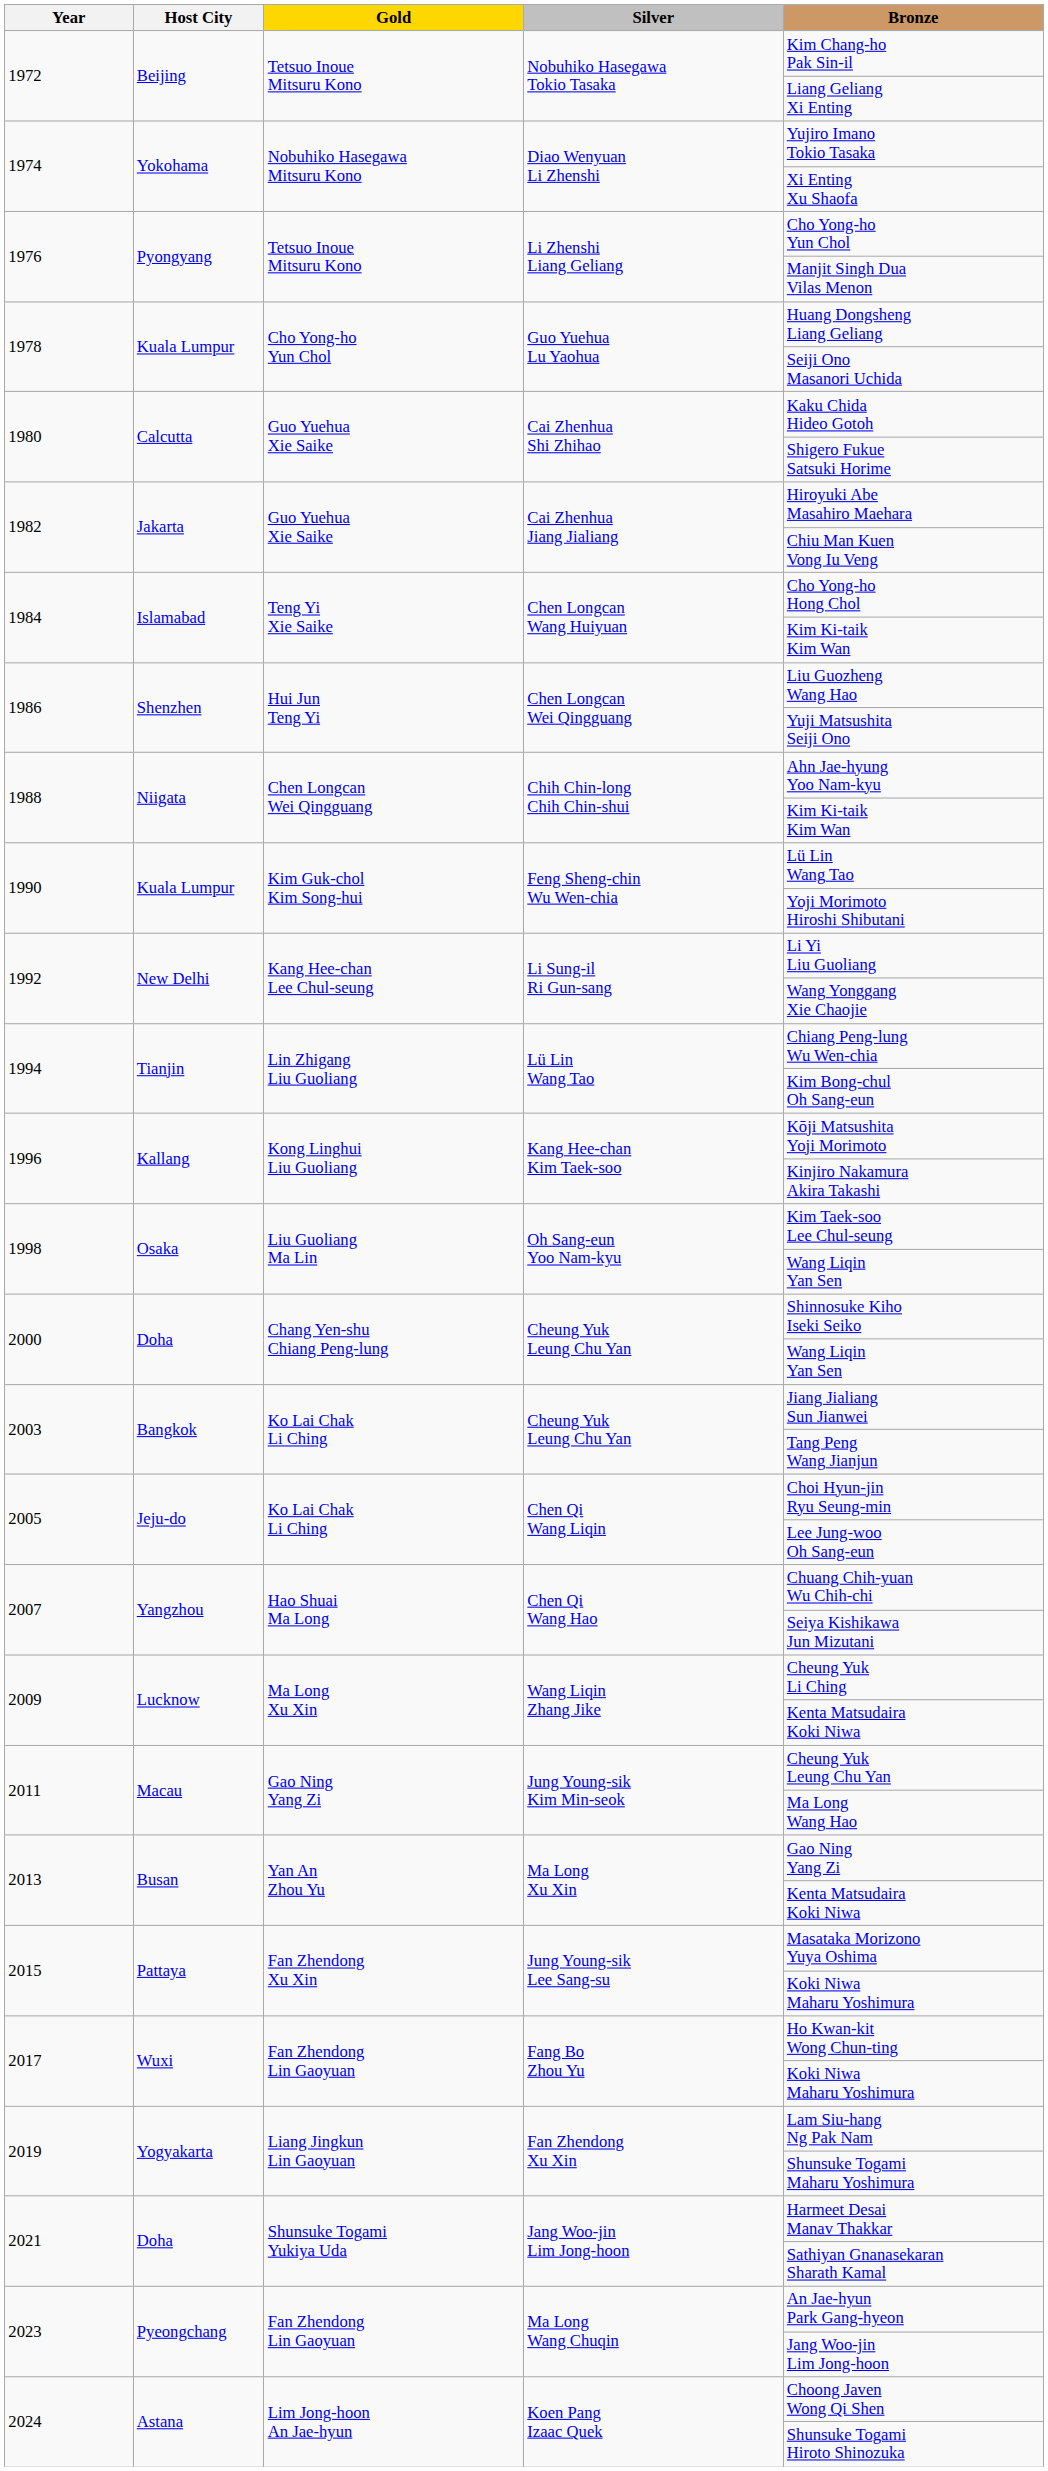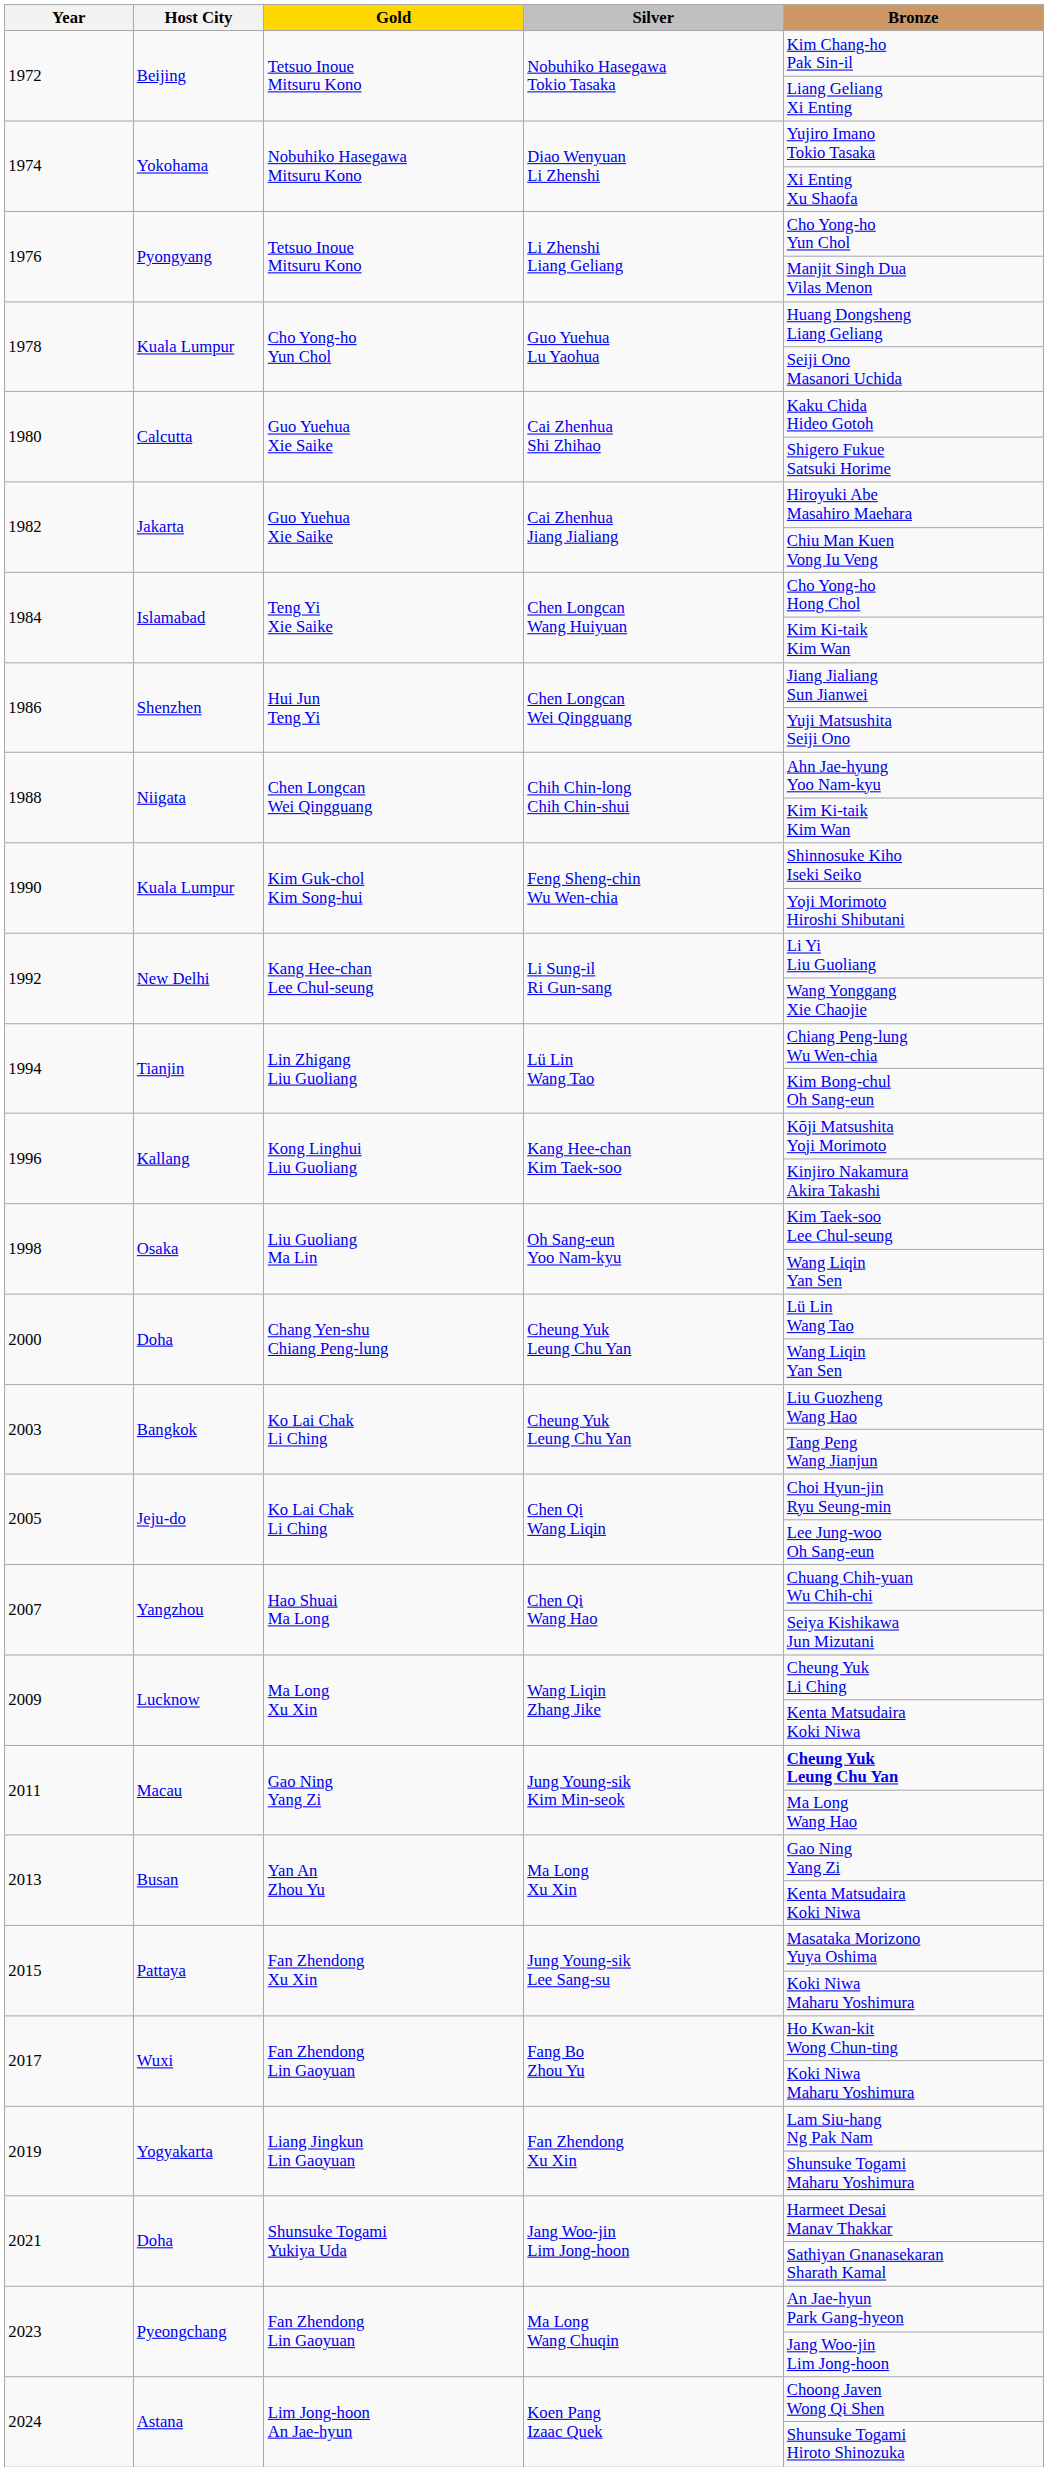 <table class="wikitable" style="text-align:left; width:1000px;">
 <tr>
 <th width="120">Year</th>
 <th width="120">Host City</th>
 <th width="250" style="background-color: gold">Gold</th>
 <th width="250" style="background-color: silver">Silver</th>
 <th width="250" style="background-color: #cc9966">Bronze</th>
 </tr>
 <tr>
 <td rowspan=2>1972</td>
 <td rowspan=2><a href='#'>Beijing</a></td>
 <td rowspan=2> <a href='#'>Tetsuo Inoue</a><br> <a href='#'>Mitsuru Kono</a></td>
 <td rowspan=2> <a href='#'>Nobuhiko Hasegawa</a><br> <a href='#'>Tokio Tasaka</a></td>
 <td> <a href='#'>Kim Chang-ho</a><br> <a href='#'>Pak Sin-il</a></td>
 </tr>
 <tr>
 <td> <a href='#'>Liang Geliang</a><br> <a href='#'>Xi Enting</a></td>
 </tr>
 <tr>
 <td rowspan=2>1974</td>
 <td rowspan=2><a href='#'>Yokohama</a></td>
 <td rowspan=2> <a href='#'>Nobuhiko Hasegawa</a><br> <a href='#'>Mitsuru Kono</a></td>
 <td rowspan=2> <a href='#'>Diao Wenyuan</a><br> <a href='#'>Li Zhenshi</a></td>
 <td> <a href='#'>Yujiro Imano</a><br> <a href='#'>Tokio Tasaka</a></td>
 </tr>
 <tr>
 <td> <a href='#'>Xi Enting</a><br> <a href='#'>Xu Shaofa</a></td>
 </tr>
 <tr>
 <td rowspan=2>1976</td>
 <td rowspan=2><a href='#'>Pyongyang</a></td>
 <td rowspan=2> <a href='#'>Tetsuo Inoue</a><br> <a href='#'>Mitsuru Kono</a></td>
 <td rowspan=2> <a href='#'>Li Zhenshi</a><br> <a href='#'>Liang Geliang</a></td>
 <td> <a href='#'>Cho Yong-ho</a><br> <a href='#'>Yun Chol</a></td>
 </tr>
 <tr>
 <td> <a href='#'>Manjit Singh Dua</a><br> <a href='#'>Vilas Menon</a></td>
 </tr>
 <tr>
 <td rowspan=2>1978</td>
 <td rowspan=2><a href='#'>Kuala Lumpur</a></td>
 <td rowspan=2> <a href='#'>Cho Yong-ho</a><br> <a href='#'>Yun Chol</a></td>
 <td rowspan=2> <a href='#'>Guo Yuehua</a><br> <a href='#'>Lu Yaohua</a></td>
 <td> <a href='#'>Huang Dongsheng</a><br> <a href='#'>Liang Geliang</a></td>
 </tr>
 <tr>
 <td> <a href='#'>Seiji Ono</a><br> <a href='#'>Masanori Uchida</a></td>
 </tr>
 <tr>
 <td rowspan=2>1980</td>
 <td rowspan=2><a href='#'>Calcutta</a></td>
 <td rowspan=2> <a href='#'>Guo Yuehua</a><br> <a href='#'>Xie Saike</a></td>
 <td rowspan=2> <a href='#'>Cai Zhenhua</a><br> <a href='#'>Shi Zhihao</a></td>
 <td> <a href='#'>Kaku Chida</a><br> <a href='#'>Hideo Gotoh</a></td>
 </tr>
 <tr>
 <td> <a href='#'>Shigero Fukue</a><br> <a href='#'>Satsuki Horime</a></td>
 </tr>
 <tr>
 <td rowspan=2>1982</td>
 <td rowspan=2><a href='#'>Jakarta</a></td>
 <td rowspan=2> <a href='#'>Guo Yuehua</a><br> <a href='#'>Xie Saike</a></td>
 <td rowspan=2> <a href='#'>Cai Zhenhua</a><br> <a href='#'>Jiang Jialiang</a></td>
 <td> <a href='#'>Hiroyuki Abe</a><br> <a href='#'>Masahiro Maehara</a></td>
 </tr>
 <tr>
 <td> <a href='#'>Chiu Man Kuen</a><br> <a href='#'>Vong Iu Veng</a></td>
 </tr>
 <tr>
 <td rowspan=2>1984</td>
 <td rowspan=2><a href='#'>Islamabad</a></td>
 <td rowspan=2> <a href='#'>Teng Yi</a><br> <a href='#'>Xie Saike</a></td>
 <td rowspan=2> <a href='#'>Chen Longcan</a><br> <a href='#'>Wang Huiyuan</a></td>
 <td> <a href='#'>Cho Yong-ho</a><br> <a href='#'>Hong Chol</a></td>
 </tr>
 <tr>
 <td> <a href='#'>Kim Ki-taik</a><br> <a href='#'>Kim Wan</a></td>
 </tr>
 <tr>
 <td rowspan=2>1986</td>
 <td rowspan=2><a href='#'>Shenzhen</a></td>
 <td rowspan=2> <a href='#'>Hui Jun</a><br> <a href='#'>Teng Yi</a></td>
 <td rowspan=2> <a href='#'>Chen Longcan</a><br> <a href='#'>Wei Qingguang</a></td>
-<td> <a href='#'>Liu Guozheng</a><br> <a href='#'>Wang Hao</a></td>
+<td> <a href='#'>Jiang Jialiang</a><br> <a href='#'>Sun Jianwei</a></td>
 </tr>
 <tr>
 <td> <a href='#'>Yuji Matsushita</a><br> <a href='#'>Seiji Ono</a></td>
 </tr>
 <tr>
 <td rowspan=2>1988</td>
 <td rowspan=2><a href='#'>Niigata</a></td>
 <td rowspan=2> <a href='#'>Chen Longcan</a><br> <a href='#'>Wei Qingguang</a></td>
 <td rowspan=2> <a href='#'>Chih Chin-long</a><br> <a href='#'>Chih Chin-shui</a></td>
 <td> <a href='#'>Ahn Jae-hyung</a><br> <a href='#'>Yoo Nam-kyu</a></td>
 </tr>
 <tr>
 <td> <a href='#'>Kim Ki-taik</a><br> <a href='#'>Kim Wan</a></td>
 </tr>
 <tr>
 <td rowspan=2>1990</td>
 <td rowspan=2><a href='#'>Kuala Lumpur</a></td>
 <td rowspan=2> <a href='#'>Kim Guk-chol</a><br> <a href='#'>Kim Song-hui</a></td>
 <td rowspan=2> <a href='#'>Feng Sheng-chin</a><br> <a href='#'>Wu Wen-chia</a></td>
-<td> <a href='#'>Lü Lin</a><br> <a href='#'>Wang Tao</a></td>
+<td> <a href='#'>Shinnosuke Kiho</a><br> <a href='#'>Iseki Seiko</a></td>
 </tr>
 <tr>
 <td> <a href='#'>Yoji Morimoto</a><br> <a href='#'>Hiroshi Shibutani</a></td>
 </tr>
 <tr>
 <td rowspan=2>1992</td>
 <td rowspan=2><a href='#'>New Delhi</a></td>
 <td rowspan=2> <a href='#'>Kang Hee-chan</a><br> <a href='#'>Lee Chul-seung</a></td>
 <td rowspan=2> <a href='#'>Li Sung-il</a><br> <a href='#'>Ri Gun-sang</a></td>
 <td> <a href='#'>Li Yi</a><br> <a href='#'>Liu Guoliang</a></td>
 </tr>
 <tr>
 <td> <a href='#'>Wang Yonggang</a><br> <a href='#'>Xie Chaojie</a></td>
 </tr>
 <tr>
 <td rowspan=2>1994</td>
 <td rowspan=2><a href='#'>Tianjin</a></td>
 <td rowspan=2> <a href='#'>Lin Zhigang</a><br> <a href='#'>Liu Guoliang</a></td>
 <td rowspan=2> <a href='#'>Lü Lin</a><br> <a href='#'>Wang Tao</a></td>
 <td> <a href='#'>Chiang Peng-lung</a><br> <a href='#'>Wu Wen-chia</a></td>
 </tr>
 <tr>
 <td> <a href='#'>Kim Bong-chul</a><br> <a href='#'>Oh Sang-eun</a></td>
 </tr>
 <tr>
 <td rowspan=2>1996</td>
 <td rowspan=2><a href='#'>Kallang</a></td>
 <td rowspan=2> <a href='#'>Kong Linghui</a><br> <a href='#'>Liu Guoliang</a></td>
 <td rowspan=2> <a href='#'>Kang Hee-chan</a><br> <a href='#'>Kim Taek-soo</a></td>
 <td> <a href='#'>Kōji Matsushita</a><br> <a href='#'>Yoji Morimoto</a></td>
 </tr>
 <tr>
 <td> <a href='#'>Kinjiro Nakamura</a><br> <a href='#'>Akira Takashi</a></td>
 </tr>
 <tr>
 <td rowspan=2>1998</td>
 <td rowspan=2><a href='#'>Osaka</a></td>
 <td rowspan=2> <a href='#'>Liu Guoliang</a><br> <a href='#'>Ma Lin</a></td>
 <td rowspan=2> <a href='#'>Oh Sang-eun</a><br> <a href='#'>Yoo Nam-kyu</a></td>
 <td> <a href='#'>Kim Taek-soo</a><br> <a href='#'>Lee Chul-seung</a></td>
 </tr>
 <tr>
 <td> <a href='#'>Wang Liqin</a><br> <a href='#'>Yan Sen</a></td>
 </tr>
 <tr>
 <td rowspan=2>2000</td>
 <td rowspan=2><a href='#'>Doha</a></td>
 <td rowspan=2> <a href='#'>Chang Yen-shu</a><br> <a href='#'>Chiang Peng-lung</a></td>
 <td rowspan=2> <a href='#'>Cheung Yuk</a><br> <a href='#'>Leung Chu Yan</a></td>
-<td> <a href='#'>Shinnosuke Kiho</a><br> <a href='#'>Iseki Seiko</a></td>
+<td> <a href='#'>Lü Lin</a><br> <a href='#'>Wang Tao</a></td>
 </tr>
 <tr>
 <td> <a href='#'>Wang Liqin</a><br> <a href='#'>Yan Sen</a></td>
 </tr>
 <tr>
 <td rowspan=2>2003</td>
 <td rowspan=2><a href='#'>Bangkok</a></td>
 <td rowspan=2> <a href='#'>Ko Lai Chak</a><br> <a href='#'>Li Ching</a></td>
 <td rowspan=2> <a href='#'>Cheung Yuk</a><br> <a href='#'>Leung Chu Yan</a></td>
-<td> <a href='#'>Jiang Jialiang</a><br> <a href='#'>Sun Jianwei</a></td>
+<td> <a href='#'>Liu Guozheng</a><br> <a href='#'>Wang Hao</a></td>
 </tr>
 <tr>
 <td> <a href='#'>Tang Peng</a><br> <a href='#'>Wang Jianjun</a></td>
 </tr>
 <tr>
 <td rowspan=2>2005</td>
 <td rowspan=2><a href='#'>Jeju-do</a></td>
 <td rowspan=2> <a href='#'>Ko Lai Chak</a><br> <a href='#'>Li Ching</a></td>
 <td rowspan=2> <a href='#'>Chen Qi</a><br> <a href='#'>Wang Liqin</a></td>
 <td> <a href='#'>Choi Hyun-jin</a><br> <a href='#'>Ryu Seung-min</a></td>
 </tr>
 <tr>
 <td> <a href='#'>Lee Jung-woo</a><br> <a href='#'>Oh Sang-eun</a></td>
 </tr>
 <tr>
 <td rowspan=2>2007</td>
 <td rowspan=2><a href='#'>Yangzhou</a></td>
 <td rowspan=2> <a href='#'>Hao Shuai</a><br> <a href='#'>Ma Long</a></td>
 <td rowspan=2> <a href='#'>Chen Qi</a><br> <a href='#'>Wang Hao</a></td>
 <td> <a href='#'>Chuang Chih-yuan</a><br> <a href='#'>Wu Chih-chi</a></td>
 </tr>
 <tr>
 <td> <a href='#'>Seiya Kishikawa</a><br> <a href='#'>Jun Mizutani</a></td>
 </tr>
 <tr>
 <td rowspan=2>2009</td>
 <td rowspan=2><a href='#'>Lucknow</a></td>
 <td rowspan=2> <a href='#'>Ma Long</a><br> <a href='#'>Xu Xin</a></td>
 <td rowspan=2> <a href='#'>Wang Liqin</a><br> <a href='#'>Zhang Jike</a></td>
 <td> <a href='#'>Cheung Yuk</a><br> <a href='#'>Li Ching</a></td>
 </tr>
 <tr>
 <td> <a href='#'>Kenta Matsudaira</a><br> <a href='#'>Koki Niwa</a></td>
 </tr>
 <tr>
 <td rowspan=2>2011</td>
 <td rowspan=2><a href='#'>Macau</a></td>
 <td rowspan=2> <a href='#'>Gao Ning</a><br> <a href='#'>Yang Zi</a></td>
 <td rowspan=2> <a href='#'>Jung Young-sik</a><br> <a href='#'>Kim Min-seok</a></td>
-<td> <a href='#'>Cheung Yuk</a><br> <a href='#'>Leung Chu Yan</a></td>
+<td><strong> <a href='#'>Cheung Yuk</a><br> <a href='#'>Leung Chu Yan</a></strong></td>
 </tr>
 <tr>
 <td> <a href='#'>Ma Long</a><br> <a href='#'>Wang Hao</a></td>
 </tr>
 <tr>
 <td rowspan=2>2013</td>
 <td rowspan=2><a href='#'>Busan</a></td>
 <td rowspan=2> <a href='#'>Yan An</a><br> <a href='#'>Zhou Yu</a></td>
 <td rowspan=2> <a href='#'>Ma Long</a><br> <a href='#'>Xu Xin</a></td>
 <td> <a href='#'>Gao Ning</a><br> <a href='#'>Yang Zi</a></td>
 </tr>
 <tr>
 <td> <a href='#'>Kenta Matsudaira</a><br> <a href='#'>Koki Niwa</a></td>
 </tr>
 <tr>
 <td rowspan=2>2015</td>
 <td rowspan=2><a href='#'>Pattaya</a></td>
 <td rowspan=2> <a href='#'>Fan Zhendong</a><br> <a href='#'>Xu Xin</a></td>
 <td rowspan=2> <a href='#'>Jung Young-sik</a><br> <a href='#'>Lee Sang-su</a></td>
 <td> <a href='#'>Masataka Morizono</a><br> <a href='#'>Yuya Oshima</a></td>
 </tr>
 <tr>
 <td> <a href='#'>Koki Niwa</a><br> <a href='#'>Maharu Yoshimura</a></td>
 </tr>
 <tr>
 <td rowspan=2>2017</td>
 <td rowspan=2><a href='#'>Wuxi</a></td>
 <td rowspan=2> <a href='#'>Fan Zhendong</a><br> <a href='#'>Lin Gaoyuan</a></td>
 <td rowspan=2> <a href='#'>Fang Bo</a><br> <a href='#'>Zhou Yu</a></td>
 <td> <a href='#'>Ho Kwan-kit</a><br> <a href='#'>Wong Chun-ting</a></td>
 </tr>
 <tr>
 <td> <a href='#'>Koki Niwa</a><br> <a href='#'>Maharu Yoshimura</a></td>
 </tr>
 <tr>
 <td rowspan=2>2019</td>
 <td rowspan=2><a href='#'>Yogyakarta</a></td>
 <td rowspan=2> <a href='#'>Liang Jingkun</a><br> <a href='#'>Lin Gaoyuan</a></td>
 <td rowspan=2> <a href='#'>Fan Zhendong</a><br> <a href='#'>Xu Xin</a></td>
 <td> <a href='#'>Lam Siu-hang</a><br> <a href='#'>Ng Pak Nam</a></td>
 </tr>
 <tr>
 <td> <a href='#'>Shunsuke Togami</a><br> <a href='#'>Maharu Yoshimura</a></td>
 </tr>
 <tr>
 <td rowspan=2>2021</td>
 <td rowspan=2><a href='#'>Doha</a></td>
 <td rowspan=2> <a href='#'>Shunsuke Togami</a><br> <a href='#'>Yukiya Uda</a></td>
 <td rowspan=2> <a href='#'>Jang Woo-jin</a><br> <a href='#'>Lim Jong-hoon</a></td>
 <td> <a href='#'>Harmeet Desai</a><br> <a href='#'>Manav Thakkar</a></td>
 </tr>
 <tr>
 <td> <a href='#'>Sathiyan Gnanasekaran</a><br> <a href='#'>Sharath Kamal</a></td>
 </tr>
 <tr>
 <td rowspan=2>2023</td>
 <td rowspan=2><a href='#'>Pyeongchang</a></td>
 <td rowspan=2> <a href='#'>Fan Zhendong</a><br> <a href='#'>Lin Gaoyuan</a></td>
 <td rowspan=2> <a href='#'>Ma Long</a><br> <a href='#'>Wang Chuqin</a></td>
 <td> <a href='#'>An Jae-hyun</a><br> <a href='#'>Park Gang-hyeon</a></td>
 </tr>
 <tr>
 <td> <a href='#'>Jang Woo-jin</a><br> <a href='#'>Lim Jong-hoon</a></td>
 </tr>
 <tr>
 <td rowspan=2>2024</td>
 <td rowspan=2><a href='#'>Astana</a></td>
 <td rowspan=2> <a href='#'>Lim Jong-hoon</a><br> <a href='#'>An Jae-hyun</a></td>
 <td rowspan=2> <a href='#'>Koen Pang</a><br> <a href='#'>Izaac Quek</a></td>
 <td> <a href='#'>Choong Javen</a><br> <a href='#'>Wong Qi Shen</a></td>
 </tr>
 <tr>
 <td> <a href='#'>Shunsuke Togami</a><br> <a href='#'>Hiroto Shinozuka</a></td>
 </tr>
 </table>
